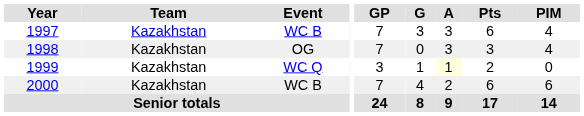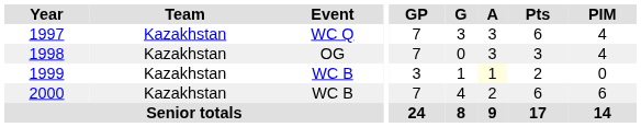 <table border="0" cellpadding="1" cellspacing="0" style="text-align:center; width:40em">
 <tr bgcolor="#e0e0e0">
 <th>Year</th>
 <th>Team</th>
 <th>Event</th>
 <th rowspan="99" bgcolor="#ffffff"></th>
 <th>GP</th>
 <th>G</th>
 <th>A</th>
 <th>Pts</th>
 <th>PIM</th>
 </tr>
 <tr>
 <td><a href='#'>1997</a></td>
 <td><a href='#'>Kazakhstan</a></td>
-<td><a href='#'>WC B</a></td>
+<td><a href='#'>WC Q</a></td>
 <td>7</td>
 <td>3</td>
 <td>3</td>
 <td>6</td>
 <td>4</td>
 </tr>
 <tr bgcolor="#f0f0f0">
 <td><a href='#'>1998</a></td>
 <td>Kazakhstan</td>
 <td>OG</td>
 <td>7</td>
 <td>0</td>
 <td>3</td>
 <td>3</td>
 <td>4</td>
 </tr>
 <tr>
 <td><a href='#'>1999</a></td>
 <td>Kazakhstan</td>
-<td><a href='#'>WC Q</a></td>
+<td><a href='#'>WC B</a></td>
 <td>3</td>
 <td>1</td>
 <td style="background: lightyellow;">1</td>
 <td>2</td>
 <td>0</td>
 </tr>
 <tr bgcolor="#f0f0f0">
 <td><a href='#'>2000</a></td>
 <td>Kazakhstan</td>
 <td>WC B</td>
 <td>7</td>
 <td>4</td>
 <td>2</td>
 <td>6</td>
 <td>6</td>
 </tr>
 <tr bgcolor="#e0e0e0">
 <th colspan="3">Senior totals</th>
 <th>24</th>
 <th>8</th>
 <th>9</th>
 <th>17</th>
 <th>14</th>
 </tr>
 </table>
